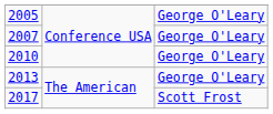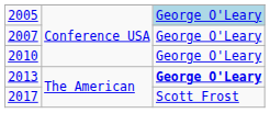 <table class="wikitable">
 <tr>
 </tr>
 <tr>
 </tr>
 <tr>
 <td align=center><a href='#'>2005</a></td>
 <td rowspan=3><a href='#'>Conference USA</a></td>
-<td><a href='#'>George O'Leary</a></td>
+<td style="background: lightblue;"><a href='#'>George O'Leary</a></td>
 </tr>
 <tr>
 <td align=center><a href='#'>2007</a></td>
 <td><a href='#'>George O'Leary</a></td>
 </tr>
 <tr>
 <td align=center><a href='#'>2010</a></td>
 <td><a href='#'>George O'Leary</a></td>
 </tr>
 <tr>
 <td align=center><a href='#'>2013</a></td>
 <td rowspan=2><a href='#'>The American</a></td>
-<td><a href='#'>George O'Leary</a></td>
+<td><strong><a href='#'>George O'Leary</a></strong></td>
 </tr>
 <tr>
 <td align=center><a href='#'>2017</a></td>
 <td><a href='#'>Scott Frost</a></td>
 </tr>
 </table>
